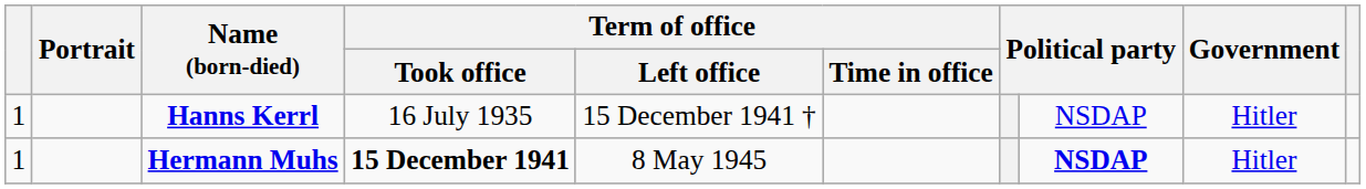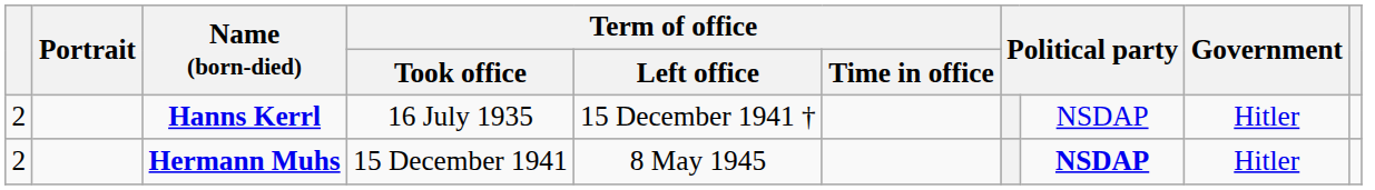 <table class="wikitable" style="text-align:center;">
 <tr>
 <th rowspan=2></th>
 <th rowspan=2>Portrait</th>
 <th rowspan=2>Name<br><small>(born-died)</small></th>
 <th colspan=3>Term of office</th>
 <th colspan=2 rowspan=2>Political party</th>
 <th rowspan=2>Government</th>
 <th rowspan=2></th>
 </tr>
 <tr>
 <th>Took office</th>
 <th>Left office</th>
 <th>Time in office</th>
 </tr>
 <tr>
-<td>1</td>
+<td>2</td>
 <td></td>
 <td><strong><a href='#'>Hanns Kerrl</a></strong><br></td>
 <td>16 July 1935</td>
 <td>15 December 1941 †</td>
 <td></td>
 <th style="background:"></th>
 <td><a href='#'>NSDAP</a></td>
 <td><a href='#'>Hitler</a></td>
 <td></td>
 </tr>
 <tr>
-<td>1</td>
+<td>2</td>
 <td></td>
 <td><strong><a href='#'>Hermann Muhs</a></strong><br></td>
-<td><strong>15 December 1941</strong></td>
+<td>15 December 1941</td>
 <td>8 May 1945</td>
 <td></td>
 <th style="background:"></th>
 <td><strong><a href='#'>NSDAP</a></strong></td>
 <td><a href='#'>Hitler</a></td>
 <td></td>
 </tr>
 </table>
